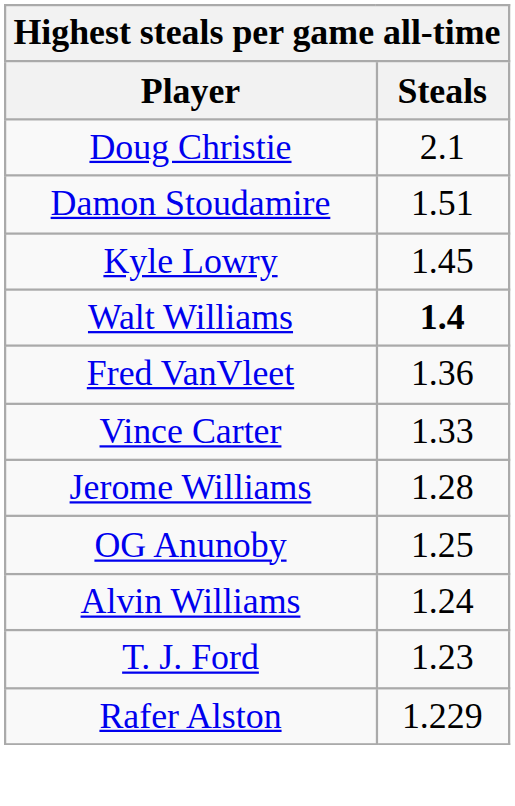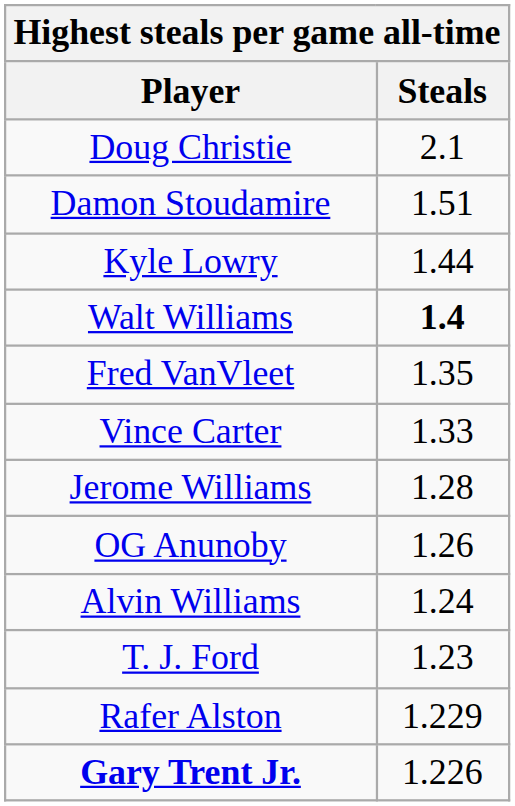 <table class="wikitable" style="text-align:center">
 <tr>
 <th colspan="2">Highest steals per game all-time</th>
 </tr>
 <tr>
 <th>Player</th>
 <th>Steals</th>
 </tr>
 <tr>
 <td><a href='#'>Doug Christie</a></td>
 <td>2.1</td>
 </tr>
 <tr>
 <td><a href='#'>Damon Stoudamire</a></td>
 <td>1.51</td>
 </tr>
 <tr>
 <td><a href='#'>Kyle Lowry</a></td>
-<td>1.45</td>
+<td>1.44</td>
 </tr>
 <tr>
 <td><a href='#'>Walt Williams</a></td>
 <td><strong>1.4</strong></td>
 </tr>
 <tr>
 <td><a href='#'>Fred VanVleet</a></td>
-<td>1.36</td>
+<td>1.35</td>
 </tr>
 <tr>
 <td><a href='#'>Vince Carter</a></td>
 <td>1.33</td>
 </tr>
 <tr>
 <td><a href='#'>Jerome Williams</a></td>
 <td>1.28</td>
 </tr>
 <tr>
 <td><a href='#'>OG Anunoby</a></td>
-<td>1.25</td>
+<td>1.26</td>
 </tr>
 <tr>
 <td><a href='#'>Alvin Williams</a></td>
 <td>1.24</td>
 </tr>
 <tr>
 <td><a href='#'>T. J. Ford</a></td>
 <td>1.23</td>
 </tr>
 <tr>
 <td><a href='#'>Rafer Alston</a></td>
 <td>1.229</td>
 </tr>
+<tr>
+<td><strong><a href='#'>Gary Trent Jr.</a></strong></td>
+<td>1.226</td>
+</tr>
 </table>
